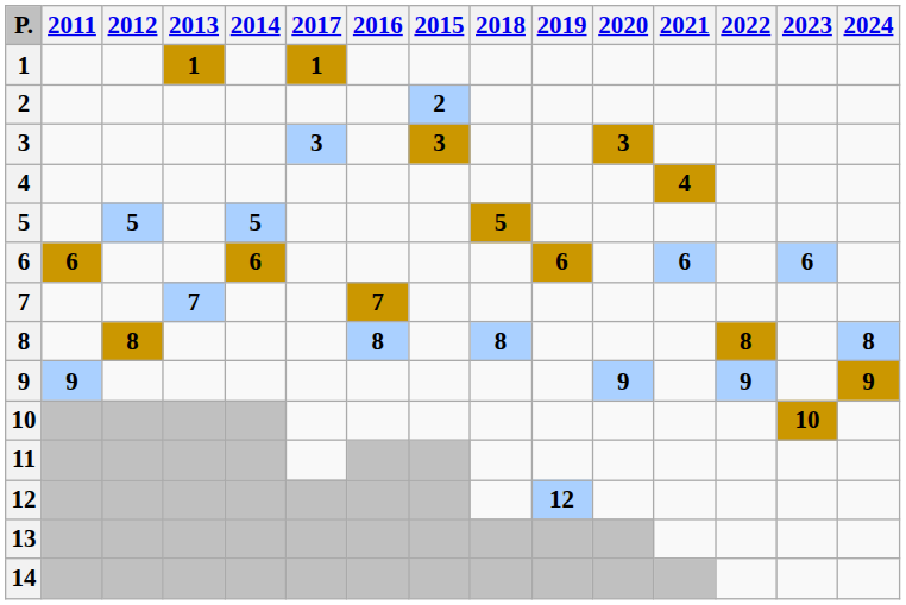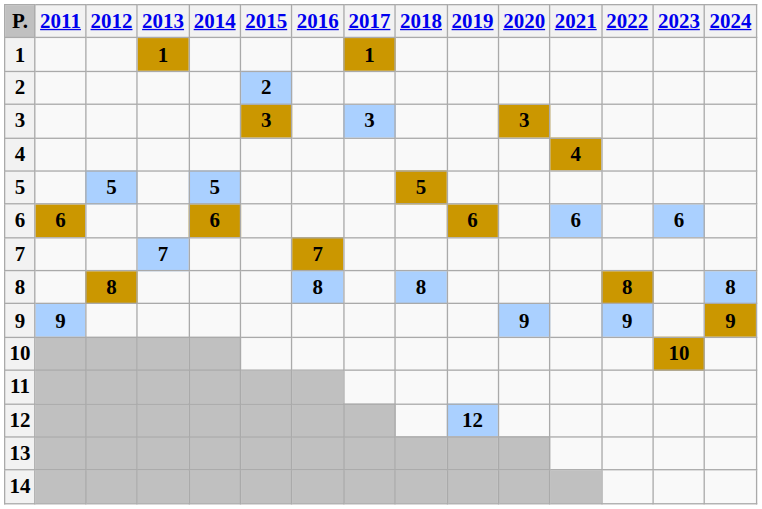 <table class="wikitable nowrap" style="text-align: center; font-size:100%">
 <tr>
 <th style="background:#c0c0c0">P.</th>
 <th><a href='#'>2011</a></th>
 <th><a href='#'>2012</a></th>
 <th><a href='#'>2013</a></th>
 <th><a href='#'>2014</a></th>
+<th><a href='#'>2015</a></th>
+<th><a href='#'>2016</a></th>
 <th><a href='#'>2017</a></th>
-<th><a href='#'>2016</a></th>
-<th><a href='#'>2015</a></th>
 <th><a href='#'>2018</a></th>
 <th><a href='#'>2019</a></th>
 <th><a href='#'>2020</a></th>
 <th><a href='#'>2021</a></th>
 <th><a href='#'>2022</a></th>
 <th><a href='#'>2023</a></th>
 <th><a href='#'>2024</a></th>
 </tr>
 <tr>
 <th>1</th>
 <td></td>
 <td></td>
 <td style="background-color:#CB9700"><span><strong>1</strong></span></td>
 <td></td>
-<td style="background-color:#CB9700"><span><strong>1</strong></span></td>
 <td></td>
 <td></td>
+<td style="background-color:#CB9700"><span><strong>1</strong></span></td>
 <td></td>
 <td></td>
 <td></td>
 <td></td>
 <td></td>
 <td></td>
 <td></td>
 </tr>
 <tr>
 <th>2</th>
 <td></td>
 <td></td>
 <td></td>
 <td></td>
+<td style="background-color:#AAD0FF"><span><strong>2</strong></span></td>
 <td></td>
 <td></td>
-<td style="background-color:#AAD0FF"><span><strong>2</strong></span></td>
 <td></td>
 <td></td>
 <td></td>
 <td></td>
 <td></td>
 <td></td>
 <td></td>
 </tr>
 <tr>
 <th>3</th>
 <td></td>
 <td></td>
 <td></td>
 <td></td>
+<td style="background-color:#CB9700"><span><strong>3</strong></span></td>
+<td></td>
 <td style="background-color:#AAD0FF"><span><strong>3</strong></span></td>
-<td></td>
-<td style="background-color:#CB9700"><span><strong>3</strong></span></td>
 <td></td>
 <td></td>
 <td style="background-color:#CB9700"><span><strong>3</strong></span></td>
 <td></td>
 <td></td>
 <td></td>
 <td></td>
 </tr>
 <tr>
 <th>4</th>
 <td></td>
 <td></td>
 <td></td>
 <td></td>
 <td></td>
 <td></td>
 <td></td>
 <td></td>
 <td></td>
 <td></td>
 <td style="background-color:#CB9700"><span><strong>4</strong></span></td>
 <td></td>
 <td></td>
 <td></td>
 </tr>
 <tr>
 <th>5</th>
 <td></td>
 <td style="background-color:#AAD0FF"><span><strong>5</strong></span></td>
 <td></td>
 <td style="background-color:#AAD0FF"><span><strong>5</strong></span></td>
 <td></td>
 <td></td>
 <td></td>
 <td style="background-color:#CB9700"><span><strong>5</strong></span></td>
 <td></td>
 <td></td>
 <td></td>
 <td></td>
 <td></td>
 <td></td>
 </tr>
 <tr>
 <th>6</th>
 <td style="background-color:#CB9700"><span><strong>6</strong></span></td>
 <td></td>
 <td></td>
 <td style="background-color:#CB9700"><span><strong>6</strong></span></td>
 <td></td>
 <td></td>
 <td></td>
 <td></td>
 <td style="background-color:#CB9700"><span><strong>6</strong></span></td>
 <td></td>
 <td style="background-color:#AAD0FF"><span><strong>6</strong></span></td>
 <td></td>
 <td style="background-color:#AAD0FF"><span><strong>6</strong></span></td>
 <td></td>
 </tr>
 <tr>
 <th>7</th>
 <td></td>
 <td></td>
 <td style="background-color:#AAD0FF"><span><strong>7</strong></span></td>
 <td></td>
 <td></td>
 <td style="background-color:#CB9700"><span><strong>7</strong></span></td>
 <td></td>
 <td></td>
 <td></td>
 <td></td>
 <td></td>
 <td></td>
 <td></td>
 <td></td>
 </tr>
 <tr>
 <th>8</th>
 <td></td>
 <td style="background-color:#CB9700"><span><strong>8</strong></span></td>
 <td></td>
 <td></td>
 <td></td>
 <td style="background-color:#AAD0FF"><span><strong>8</strong></span></td>
 <td></td>
 <td style="background-color:#AAD0FF"><span><strong>8</strong></span></td>
 <td></td>
 <td></td>
 <td></td>
 <td style="background-color:#CB9700"><span><strong>8</strong></span></td>
 <td></td>
 <td style="background-color:#AAD0FF"><span><strong>8</strong></span></td>
 </tr>
 <tr>
 <th>9</th>
 <td style="background-color:#AAD0FF"><span><strong>9</strong></span></td>
 <td></td>
 <td></td>
 <td></td>
 <td></td>
 <td></td>
 <td></td>
 <td></td>
 <td></td>
 <td style="background-color:#AAD0FF"><span><strong>9</strong></span></td>
 <td></td>
 <td style="background-color:#AAD0FF"><span><strong>9</strong></span></td>
 <td></td>
 <td style="background-color:#CB9700"><span><strong>9</strong></span></td>
 </tr>
 <tr>
 <th>10</th>
 <td style="background:#c0c0c0"></td>
 <td style="background:#c0c0c0"></td>
 <td style="background:#c0c0c0"></td>
 <td style="background:#c0c0c0"></td>
 <td></td>
 <td></td>
 <td></td>
 <td></td>
 <td></td>
 <td></td>
 <td></td>
 <td></td>
 <td style="background-color:#CB9700"><span><strong>10</strong></span></td>
 <td></td>
 </tr>
 <tr>
 <th>11</th>
 <td style="background:#c0c0c0"></td>
 <td style="background:#c0c0c0"></td>
 <td style="background:#c0c0c0"></td>
 <td style="background:#c0c0c0"></td>
-<td></td>
 <td style="background:#c0c0c0"></td>
 <td style="background:#c0c0c0"></td>
+<td></td>
 <td></td>
 <td></td>
 <td></td>
 <td></td>
 <td></td>
 <td></td>
 <td></td>
 </tr>
 <tr>
 <th>12</th>
 <td style="background:#c0c0c0"></td>
 <td style="background:#c0c0c0"></td>
 <td style="background:#c0c0c0"></td>
 <td style="background:#c0c0c0"></td>
 <td style="background:#c0c0c0"></td>
 <td style="background:#c0c0c0"></td>
 <td style="background:#c0c0c0"></td>
 <td></td>
 <td style="background-color:#AAD0FF"><span><strong>12</strong></span></td>
 <td></td>
 <td></td>
 <td></td>
 <td></td>
 <td></td>
 </tr>
 <tr>
 <th>13</th>
 <td style="background:#c0c0c0"></td>
 <td style="background:#c0c0c0"></td>
 <td style="background:#c0c0c0"></td>
 <td style="background:#c0c0c0"></td>
 <td style="background:#c0c0c0"></td>
 <td style="background:#c0c0c0"></td>
 <td style="background:#c0c0c0"></td>
 <td style="background:#c0c0c0"></td>
 <td style="background:#c0c0c0"></td>
 <td style="background:#c0c0c0"></td>
 <td></td>
 <td></td>
 <td></td>
 <td></td>
 </tr>
 <tr>
 <th>14</th>
 <td style="background:#c0c0c0"></td>
 <td style="background:#c0c0c0"></td>
 <td style="background:#c0c0c0"></td>
 <td style="background:#c0c0c0"></td>
 <td style="background:#c0c0c0"></td>
 <td style="background:#c0c0c0"></td>
 <td style="background:#c0c0c0"></td>
 <td style="background:#c0c0c0"></td>
 <td style="background:#c0c0c0"></td>
 <td style="background:#c0c0c0"></td>
 <td style="background:#c0c0c0"></td>
 <td></td>
 <td></td>
 <td></td>
 </tr>
 </table>
